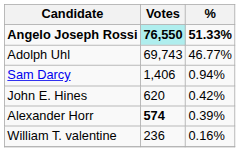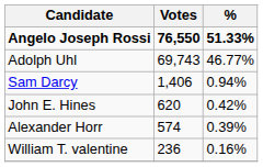 <table class="wikitable">
 <tr>
 <th>Candidate</th>
 <th>Votes</th>
 <th>%</th>
 </tr>
 <tr>
 <td><strong>Angelo Joseph Rossi</strong></td>
-<td style="background: paleturquoise;"><strong>76,550</strong></td>
+<td><strong>76,550</strong></td>
 <td><strong>51.33%</strong></td>
 </tr>
 <tr>
 <td>Adolph Uhl</td>
 <td>69,743</td>
 <td>46.77%</td>
 </tr>
 <tr>
 <td><a href='#'>Sam Darcy</a></td>
 <td>1,406</td>
 <td>0.94%</td>
 </tr>
 <tr>
 <td>John E. Hines</td>
 <td>620</td>
 <td>0.42%</td>
 </tr>
 <tr>
 <td>Alexander Horr</td>
-<td><strong>574</strong></td>
+<td>574</td>
 <td>0.39%</td>
 </tr>
 <tr>
 <td>William T. valentine</td>
 <td>236</td>
 <td>0.16%</td>
 </tr>
 <tr>
 </tr>
 </table>
